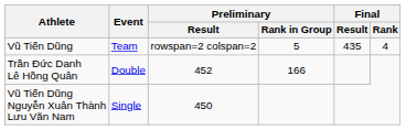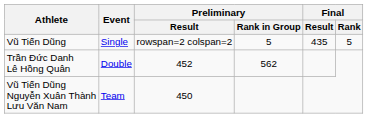 <table class=wikitable style=font-size:90%;text-align:center>
 <tr>
 <th rowspan="2">Athlete</th>
 <th rowspan="2">Event</th>
 <th colspan="2">Preliminary</th>
 <th colspan="2">Final</th>
 </tr>
 <tr style="font-size:95%">
 <th>Result</th>
 <th>Rank in Group</th>
 <th>Result</th>
 <th>Rank</th>
 </tr>
 <tr>
 <td align=left>Vũ Tiến Dũng</td>
-<td align=left><a href='#'>Team</a></td>
+<td align=left><a href='#'>Single</a></td>
 <td>rowspan=2 colspan=2</td>
 <td>5</td>
 <td>435</td>
-<td>4</td>
+<td>5</td>
 </tr>
 <tr>
 <td align=left>Trần Đức Danh<br>Lê Hồng Quân</td>
 <td align=left><a href='#'>Double</a></td>
 <td>452</td>
-<td>166</td>
+<td>562</td>
 <td></td>
 </tr>
 <tr>
 <td align=left>Vũ Tiến Dũng<br>Nguyễn Xuân Thành<br>Lưu Văn Nam</td>
-<td align=left><a href='#'>Single</a></td>
+<td align=left><a href='#'>Team</a></td>
 <td>450</td>
 <td></td>
 </tr>
 </table>
